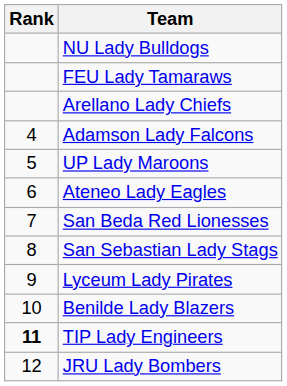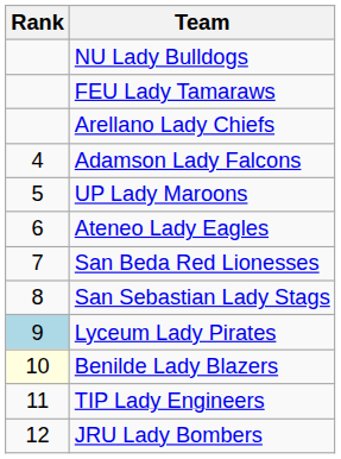 <table class="wikitable" style="text-align: center">
 <tr>
 <th width=40>Rank</th>
 <th>Team</th>
 </tr>
 <tr>
 <td></td>
 <td align="left"><a href='#'>NU Lady Bulldogs</a></td>
 </tr>
 <tr>
 <td></td>
 <td align="left"><a href='#'>FEU Lady Tamaraws</a></td>
 </tr>
 <tr>
 <td></td>
 <td align="left"><a href='#'>Arellano Lady Chiefs</a></td>
 </tr>
 <tr>
 <td>4</td>
 <td align="left"><a href='#'>Adamson Lady Falcons</a></td>
 </tr>
 <tr>
 <td>5</td>
 <td align="left"><a href='#'>UP Lady Maroons</a></td>
 </tr>
 <tr>
 <td>6</td>
 <td align="left"><a href='#'>Ateneo Lady Eagles</a></td>
 </tr>
 <tr>
 <td>7</td>
 <td align="left"><a href='#'>San Beda Red Lionesses</a></td>
 </tr>
 <tr>
 <td>8</td>
 <td align="left"><a href='#'>San Sebastian Lady Stags</a></td>
 </tr>
 <tr>
-<td>9</td>
+<td style="background: lightblue;">9</td>
 <td align="left"><a href='#'>Lyceum Lady Pirates</a></td>
 </tr>
 <tr>
-<td>10</td>
+<td style="background: lightyellow;">10</td>
 <td align="left"><a href='#'>Benilde Lady Blazers</a></td>
 </tr>
 <tr>
-<td><strong>11</strong></td>
+<td>11</td>
 <td align="left"><a href='#'>TIP Lady Engineers</a></td>
 </tr>
 <tr>
 <td>12</td>
 <td align="left"><a href='#'>JRU Lady Bombers</a></td>
 </tr>
 </table>
